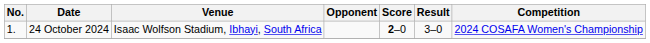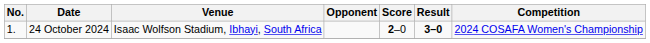 <table class="wikitable">
 <tr>
 <th>No.</th>
 <th>Date</th>
 <th>Venue</th>
 <th>Opponent</th>
 <th>Score</th>
 <th>Result</th>
 <th>Competition</th>
 </tr>
 <tr>
 <td>1.</td>
 <td>24 October 2024</td>
 <td>Isaac Wolfson Stadium, <a href='#'>Ibhayi</a>, <a href='#'>South Africa</a></td>
 <td></td>
 <td align="center"><strong>2</strong>–0</td>
-<td align="center">3–0</td>
+<td align="center"><strong>3–0</strong></td>
 <td><a href='#'>2024 COSAFA Women's Championship</a></td>
 </tr>
 <tr>
 </tr>
 </table>
